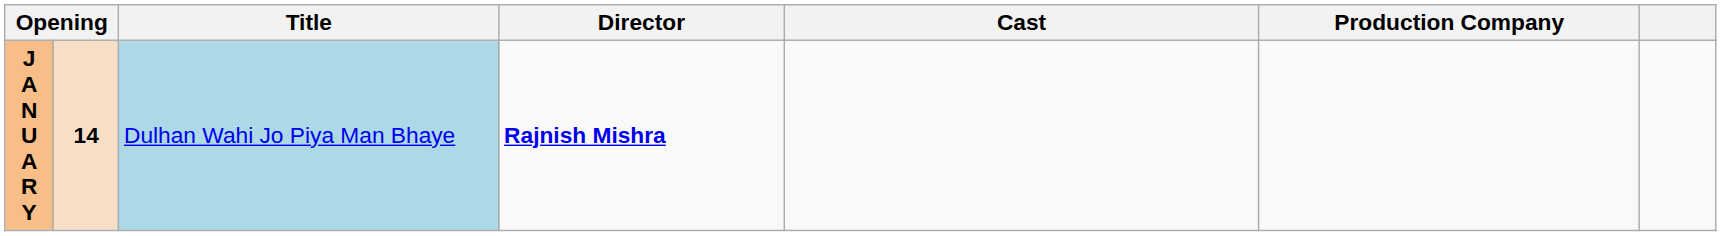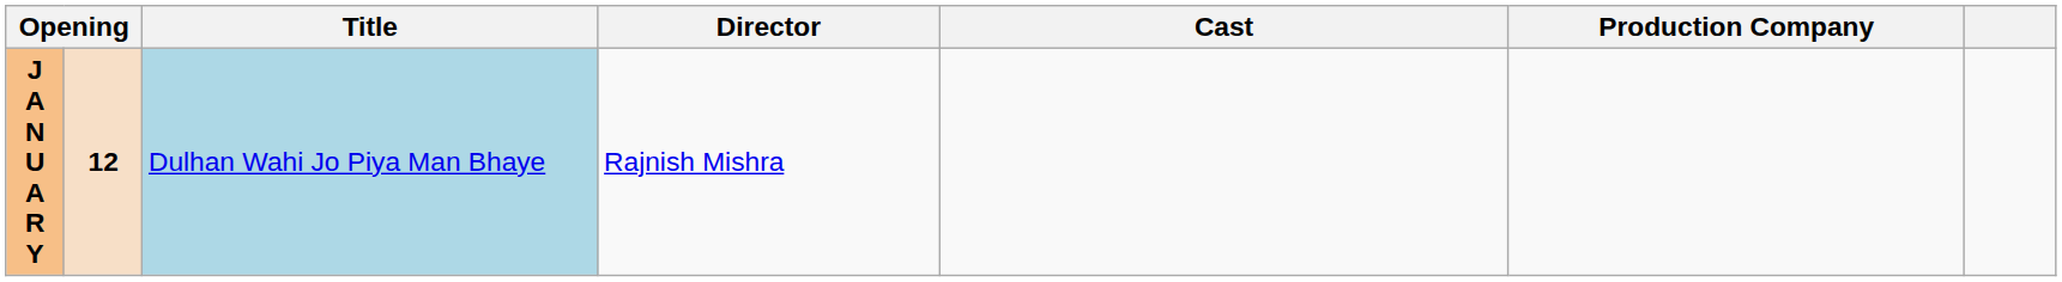 <table class="wikitable sortable">
 <tr>
 <th colspan="2" style="width:6%;"><strong>Opening</strong></th>
 <th style="width:20%;"><strong>Title</strong></th>
 <th style="width:15%;"><strong>Director</strong></th>
 <th style="width:25%;"><strong>Cast</strong></th>
 <th style="width:20%;">Production Company</th>
 <th style="width:4%;"><strong></strong></th>
 </tr>
 <tr>
 <th rowspan="1" style="text-align:center; background:#f7bf87; text color:#000;">J<br>A<br>N<br>U<br>A<br>R<br>Y</th>
-<td rowspan="1" style="text-align:center; background:#f7dfc7"><strong>14</strong></td>
+<td rowspan="1" style="text-align:center; background:#f7dfc7"><strong>12</strong></td>
 <td style="background: lightblue;"><a href='#'>Dulhan Wahi Jo Piya Man Bhaye</a></td>
-<td><strong><a href='#'>Rajnish Mishra</a></strong></td>
+<td><a href='#'>Rajnish Mishra</a></td>
 <td></td>
 <td></td>
 <td></td>
 </tr>
 </table>
